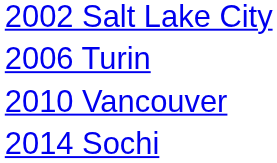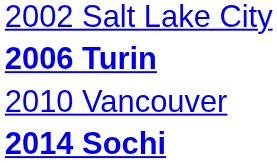 <table>
 <tr valign="top">
 <td><a href='#'>2002 Salt Lake City</a><br></td>
 <td></td>
 <td></td>
 <td></td>
 </tr>
 <tr>
-<td><a href='#'>2006 Turin</a><br></td>
+<td><strong><a href='#'>2006 Turin</a><br></strong></td>
 <td></td>
 <td></td>
 <td></td>
 </tr>
 <tr>
 <td><a href='#'>2010 Vancouver</a><br></td>
 <td></td>
 <td></td>
 <td></td>
 </tr>
 <tr>
-<td><a href='#'>2014 Sochi</a><br></td>
+<td><strong><a href='#'>2014 Sochi</a><br></strong></td>
 <td></td>
 <td></td>
 <td></td>
 </tr>
 <tr valign="top">
 <td><br></td>
 <td></td>
 <td></td>
 <td></td>
 </tr>
 <tr valign="top">
 <td><br></td>
 <td></td>
 <td></td>
 <td></td>
 </tr>
 <tr>
 </tr>
 </table>
